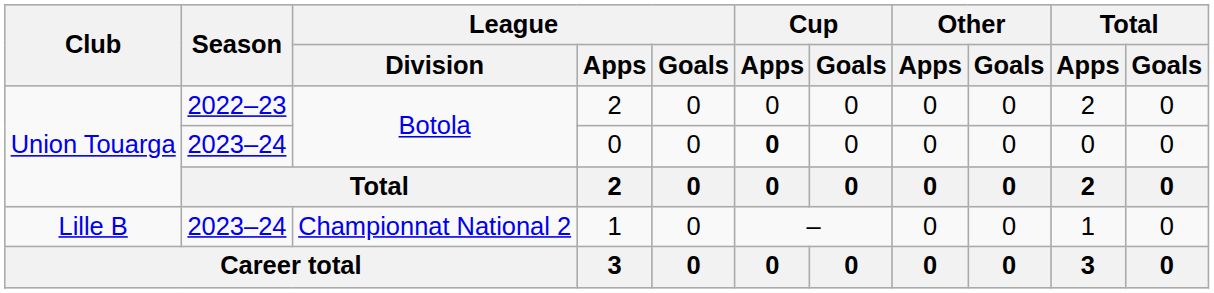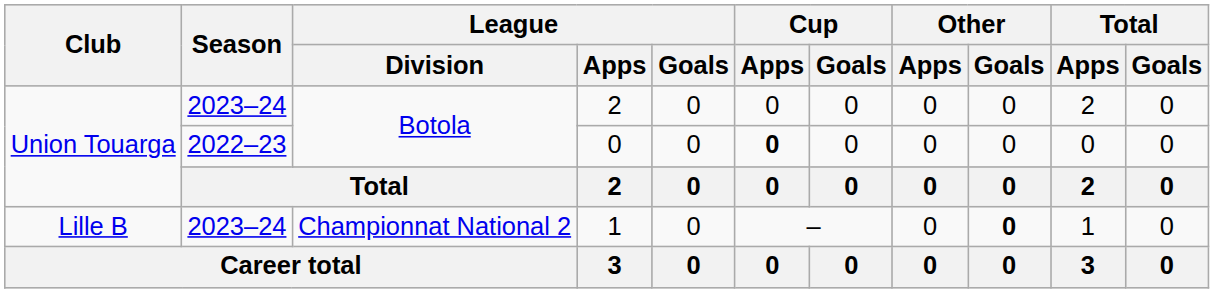 <table class=wikitable style=text-align:center>
 <tr>
 <th rowspan=2>Club</th>
 <th rowspan=2>Season</th>
 <th colspan=3>League</th>
 <th colspan=2>Cup</th>
 <th colspan=2>Other</th>
 <th colspan=2>Total</th>
 </tr>
 <tr>
 <th>Division</th>
 <th>Apps</th>
 <th>Goals</th>
 <th>Apps</th>
 <th>Goals</th>
 <th>Apps</th>
 <th>Goals</th>
 <th>Apps</th>
 <th>Goals</th>
 </tr>
 <tr>
 <td rowspan="3"><a href='#'>Union Touarga</a></td>
-<td><a href='#'>2022–23</a></td>
+<td><a href='#'>2023–24</a></td>
 <td rowspan="2"><a href='#'>Botola</a></td>
 <td>2</td>
 <td>0</td>
 <td>0</td>
 <td>0</td>
 <td>0</td>
 <td>0</td>
 <td>2</td>
 <td>0</td>
 </tr>
 <tr>
-<td><a href='#'>2023–24</a></td>
+<td><a href='#'>2022–23</a></td>
 <td>0</td>
 <td>0</td>
 <td><strong>0</strong></td>
 <td>0</td>
 <td>0</td>
 <td>0</td>
 <td>0</td>
 <td>0</td>
 </tr>
 <tr>
 <th colspan=2><strong>Total</strong></th>
 <th>2</th>
 <th>0</th>
 <th>0</th>
 <th>0</th>
 <th>0</th>
 <th>0</th>
 <th>2</th>
 <th>0</th>
 </tr>
 <tr>
 <td><a href='#'>Lille B</a></td>
 <td><a href='#'>2023–24</a></td>
 <td><a href='#'>Championnat National 2</a></td>
 <td>1</td>
 <td>0</td>
 <td colspan="2">–</td>
 <td>0</td>
-<td>0</td>
+<td><strong>0</strong></td>
 <td>1</td>
 <td>0</td>
 </tr>
 <tr>
 <th colspan=3><strong>Career total</strong></th>
 <th>3</th>
 <th>0</th>
 <th>0</th>
 <th>0</th>
 <th>0</th>
 <th>0</th>
 <th>3</th>
 <th>0</th>
 </tr>
 </table>
